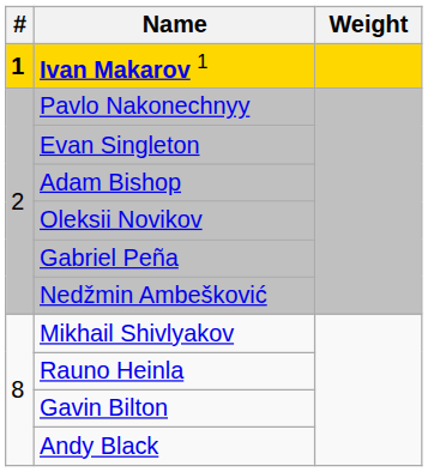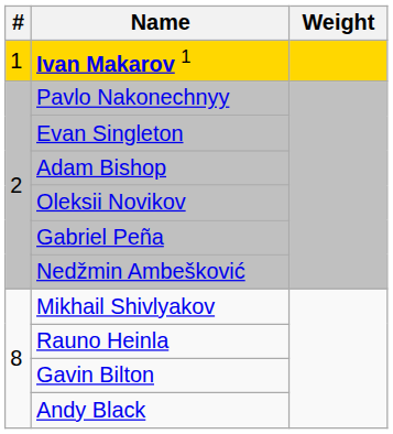 <table class="wikitable" style="display: inline-table;width: 45%;">
 <tr>
 <th>#</th>
 <th>Name</th>
 <th>Weight</th>
 </tr>
 <tr style="background:gold;">
-<td><strong>1</strong></td>
+<td>1</td>
 <td> <strong><a href='#'>Ivan Makarov</a></strong> <sup> 1 </sup></td>
 <td></td>
 </tr>
 <tr style="background:silver;">
 <td rowspan="6">2</td>
 <td> <a href='#'>Pavlo Nakonechnyy</a></td>
 <td rowspan="6"></td>
 </tr>
 <tr style="background:silver;">
 <td> <a href='#'>Evan Singleton</a></td>
 </tr>
 <tr style="background:silver;">
 <td> <a href='#'>Adam Bishop</a></td>
 </tr>
 <tr style="background:silver;">
 <td> <a href='#'>Oleksii Novikov</a></td>
 </tr>
 <tr style="background:silver;">
 <td> <a href='#'>Gabriel Peña</a></td>
 </tr>
 <tr style="background:silver;">
 <td> <a href='#'>Nedžmin Ambešković</a></td>
 </tr>
 <tr>
 <td rowspan="4">8</td>
 <td> <a href='#'>Mikhail Shivlyakov</a></td>
 <td rowspan="4"></td>
 </tr>
 <tr>
 <td> <a href='#'>Rauno Heinla</a></td>
 </tr>
 <tr>
 <td> <a href='#'>Gavin Bilton</a></td>
 </tr>
 <tr>
 <td> <a href='#'>Andy Black</a></td>
 </tr>
 </table>
